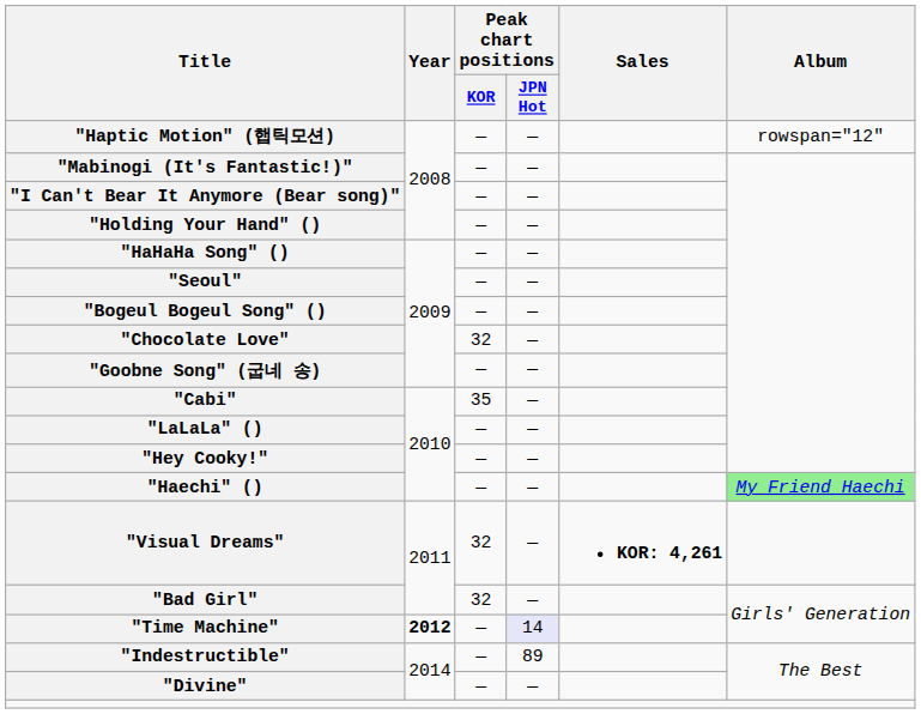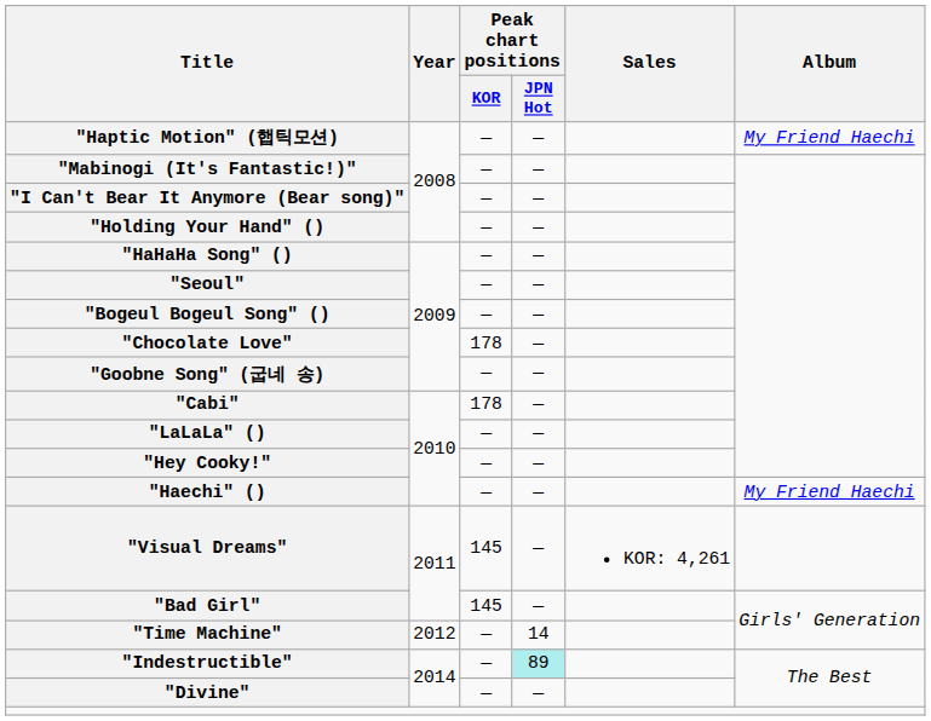 <table class="wikitable plainrowheaders" style="text-align:center">
 <tr>
 <th scope="col" rowspan="2">Title</th>
 <th scope="col" rowspan="2">Year</th>
 <th scope="col" colspan="2">Peak chart positions</th>
 <th scope="col" rowspan="2">Sales</th>
 <th scope="col" rowspan="2">Album</th>
 </tr>
 <tr>
 <th scope="col" style="width:2.7em;font-size:90%;"><a href='#'>KOR</a><br></th>
 <th scope="col" style="width:2.7em;font-size:90%;"><a href='#'>JPN<br>Hot</a><br></th>
 </tr>
 <tr>
 <th scope="row">"Haptic Motion" (햅틱모션)</th>
 <td rowspan="4">2008</td>
 <td>—</td>
 <td>—</td>
 <td></td>
-<td>rowspan="12" </td>
+<td><a href='#'><em>My Friend Haechi</em></a></td>
 </tr>
 <tr>
 <th scope="row">"Mabinogi (It's Fantastic!)"</th>
 <td>—</td>
 <td>—</td>
 <td></td>
 </tr>
 <tr>
 <th scope="row">"I Can't Bear It Anymore (Bear song)"</th>
 <td>—</td>
 <td>—</td>
 <td></td>
 </tr>
 <tr>
 <th scope="row">"Holding Your Hand" ()<br></th>
 <td>—</td>
 <td>—</td>
 <td></td>
 </tr>
 <tr>
 <th scope="row">"HaHaHa Song" ()</th>
 <td rowspan="5">2009</td>
 <td>—</td>
 <td>—</td>
 <td></td>
 </tr>
 <tr>
 <th scope="row">"Seoul"<br></th>
 <td>—</td>
 <td>—</td>
 <td></td>
 </tr>
 <tr>
 <th scope="row">"Bogeul Bogeul Song" ()</th>
 <td>—</td>
 <td>—</td>
 <td></td>
 </tr>
 <tr>
 <th scope="row">"Chocolate Love" </th>
-<td>32</td>
+<td>178</td>
 <td>—</td>
 <td></td>
 </tr>
 <tr>
 <th scope="row">"Goobne Song" (굽네 송)</th>
 <td>—</td>
 <td>—</td>
 <td></td>
 </tr>
 <tr>
 <th scope="row">"Cabi"<br></th>
 <td rowspan="4">2010</td>
-<td>35</td>
+<td>178</td>
 <td>—</td>
 <td></td>
 </tr>
 <tr>
 <th scope="row">"LaLaLa" () </th>
 <td>—</td>
 <td>—</td>
 <td></td>
 </tr>
 <tr>
 <th scope="row">"Hey Cooky!"</th>
 <td>—</td>
 <td>—</td>
 <td></td>
 </tr>
 <tr>
 <th scope="row">"Haechi" ()</th>
 <td>—</td>
 <td>—</td>
 <td></td>
-<td style="background: lightgreen;"><a href='#'><em>My Friend Haechi</em></a></td>
+<td><a href='#'><em>My Friend Haechi</em></a></td>
 </tr>
 <tr>
 <th scope="row">"Visual Dreams"</th>
 <td rowspan="2">2011</td>
-<td>32</td>
+<td>145</td>
 <td>—</td>
-<td><strong><br><ul><li>KOR: 4,261</li></ul></strong></td>
+<td><br><ul><li>KOR: 4,261</li></ul></td>
 <td></td>
 </tr>
 <tr>
 <th scope="row">"Bad Girl"</th>
-<td>32</td>
+<td>145</td>
 <td>—</td>
 <td></td>
 <td rowspan="2"><em>Girls' Generation</em><br></td>
 </tr>
 <tr>
 <th scope="row">"Time Machine"</th>
-<td><strong>2012</strong></td>
+<td>2012</td>
 <td>—</td>
-<td style="background: lavender;">14</td>
+<td>14</td>
 <td></td>
 </tr>
 <tr>
 <th scope="row">"Indestructible"</th>
 <td rowspan="2">2014</td>
 <td>—</td>
-<td>89</td>
+<td style="background: paleturquoise;">89</td>
 <td></td>
 <td rowspan="2"><em>The Best</em></td>
 </tr>
 <tr>
 <th scope="row">"Divine"</th>
 <td>—</td>
 <td>—</td>
 <td></td>
 </tr>
 <tr>
 <td colspan="6"></td>
 </tr>
 </table>
